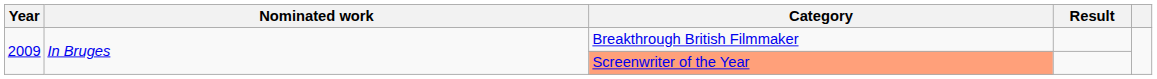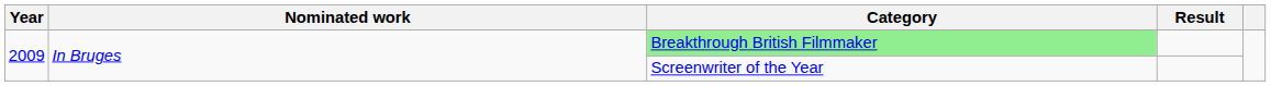 <table class="wikitable">
 <tr>
 <th scope="col" style="width:1em;">Year</th>
 <th scope="col" style="width:39em;">Nominated work</th>
 <th scope="col" style="width:33em;">Category</th>
 <th scope="col" style="width:5em;">Result</th>
 <th scope="col" style="width:1em;"></th>
 </tr>
 <tr>
 <td rowspan="2"><a href='#'>2009</a></td>
 <td rowspan="2"><em><a href='#'>In Bruges</a></em></td>
-<td><a href='#'>Breakthrough British Filmmaker</a></td>
+<td style="background: lightgreen;"><a href='#'>Breakthrough British Filmmaker</a></td>
 <td></td>
 <td rowspan="2" style="text-align:center;"></td>
 </tr>
 <tr>
-<td style="background: lightsalmon;"><a href='#'>Screenwriter of the Year</a></td>
+<td><a href='#'>Screenwriter of the Year</a></td>
 <td></td>
 </tr>
 </table>
